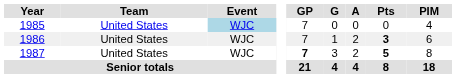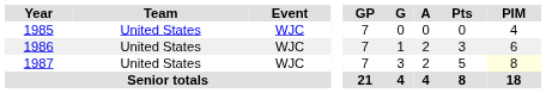 <table border="0" cellpadding="1" cellspacing="0" style="text-align:center; width:40em">
 <tr ALIGN="center" bgcolor="#e0e0e0">
 <th>Year</th>
 <th>Team</th>
 <th>Event</th>
 <th rowspan="99" bgcolor="#ffffff"> </th>
 <th>GP</th>
 <th>G</th>
 <th>A</th>
 <th>Pts</th>
 <th>PIM</th>
 </tr>
 <tr>
 <td><a href='#'>1985</a></td>
 <td><a href='#'>United States</a></td>
-<td style="background: lightblue;"><a href='#'>WJC</a></td>
+<td><a href='#'>WJC</a></td>
 <td>7</td>
 <td>0</td>
 <td>0</td>
 <td>0</td>
 <td>4</td>
 </tr>
 <tr bgcolor=f0f0f0>
 <td><a href='#'>1986</a></td>
 <td>United States</td>
 <td>WJC</td>
 <td>7</td>
 <td>1</td>
 <td>2</td>
-<td><strong>3</strong></td>
+<td>3</td>
 <td>6</td>
 </tr>
 <tr>
 <td><a href='#'>1987</a></td>
 <td>United States</td>
 <td>WJC</td>
-<td><strong>7</strong></td>
+<td>7</td>
 <td>3</td>
 <td>2</td>
-<td><strong>5</strong></td>
-<td>8</td>
+<td>5</td>
+<td style="background: lightyellow;">8</td>
 </tr>
 <tr bgcolor="#e0e0e0">
 <th colspan="3">Senior totals</th>
 <th>21</th>
 <th>4</th>
 <th>4</th>
 <th>8</th>
 <th>18</th>
 </tr>
 </table>
